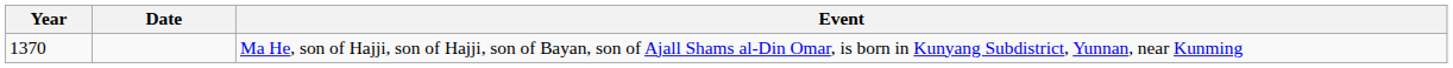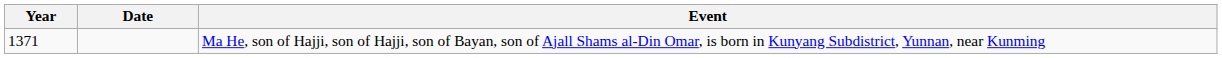 <table class="wikitable" width="100%">
 <tr>
 <th style="width:6%">Year</th>
 <th style="width:10%">Date</th>
 <th>Event</th>
 </tr>
 <tr>
-<td>1370</td>
+<td>1371</td>
 <td></td>
 <td><a href='#'>Ma He</a>, son of Hajji, son of Hajji, son of Bayan, son of <a href='#'>Ajall Shams al-Din Omar</a>, is born in <a href='#'>Kunyang Subdistrict</a>, <a href='#'>Yunnan</a>, near <a href='#'>Kunming</a></td>
 </tr>
 </table>
